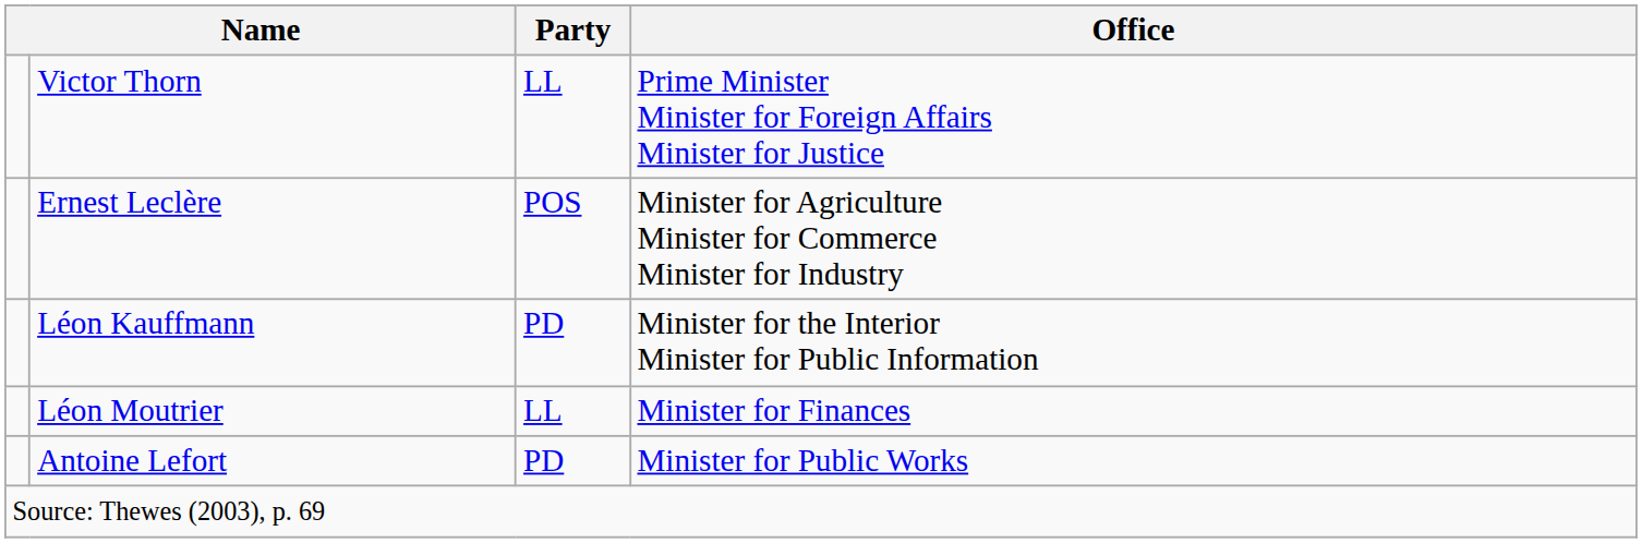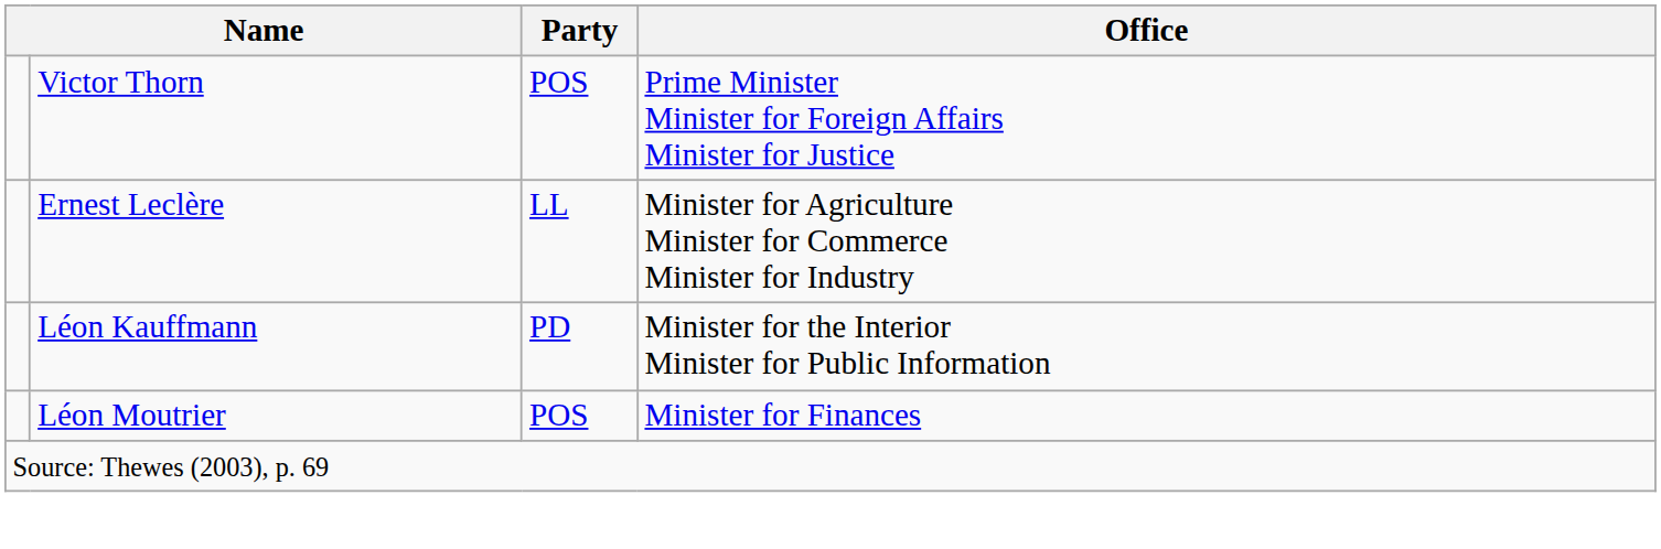 <table class="wikitable">
 <tr>
 <th colspan=2 width=250px>Name</th>
 <th width=50px>Party</th>
 <th width=500px>Office</th>
 </tr>
 <tr>
 <td width=5px style="background-color: "></td>
 <td valign=top><a href='#'>Victor Thorn</a></td>
-<td valign=top><a href='#'>LL</a></td>
+<td valign=top><a href='#'>POS</a></td>
 <td><a href='#'>Prime Minister</a> <br> <a href='#'>Minister for Foreign Affairs</a> <br> <a href='#'>Minister for Justice</a></td>
 </tr>
 <tr>
 <td style="background-color: "></td>
 <td valign=top><a href='#'>Ernest Leclère</a></td>
-<td valign=top><a href='#'>POS</a></td>
+<td valign=top><a href='#'>LL</a></td>
 <td>Minister for Agriculture <br> Minister for Commerce <br> Minister for Industry</td>
 </tr>
 <tr>
 <td style="background-color: "></td>
 <td valign=top><a href='#'>Léon Kauffmann</a></td>
 <td valign=top><a href='#'>PD</a></td>
 <td>Minister for the Interior <br> Minister for Public Information</td>
 </tr>
 <tr>
 <td style="background-color: "></td>
 <td valign=top><a href='#'>Léon Moutrier</a></td>
-<td valign=top><a href='#'>LL</a></td>
+<td valign=top><a href='#'>POS</a></td>
 <td><a href='#'>Minister for Finances</a></td>
-</tr>
-<tr>
-<td style="background-color: "></td>
-<td valign=top><a href='#'>Antoine Lefort</a></td>
-<td valign=top><a href='#'>PD</a></td>
-<td><a href='#'>Minister for Public Works</a></td>
 </tr>
 <tr>
 <td colspan=4><small>Source: Thewes (2003), p. 69</small></td>
 </tr>
 </table>
